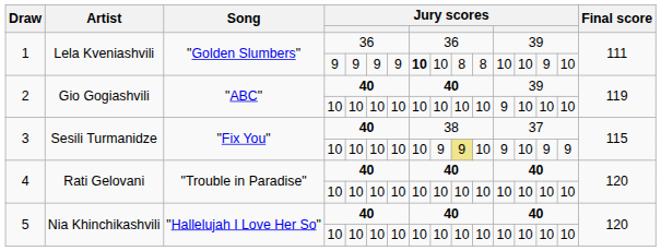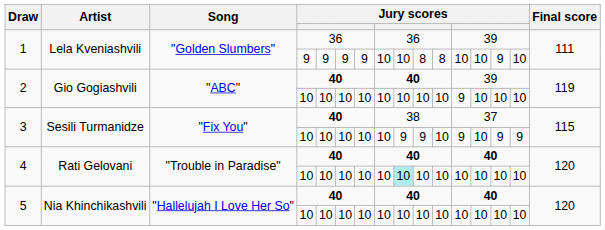 <table class="sortable wikitable" style="text-align:center;margin:1em auto 1em auto">
 <tr>
 <th scope="col" rowspan="2">Draw</th>
 <th scope="col" rowspan="2">Artist</th>
 <th scope="col" rowspan="2">Song</th>
 <th scope="col" colspan="12">Jury scores</th>
 <th scope="col" rowspan="2">Final score</th>
 </tr>
 <tr>
 <th scope="col" colspan="4" class="unsortable"><small></small></th>
 <th scope="col" colspan="4" class="unsortable"><small></small></th>
 <th scope="col" colspan="4" class="unsortable"><small></small></th>
 </tr>
 <tr>
 <td rowspan="2">1</td>
 <td rowspan="2">Lela Kveniashvili</td>
 <td rowspan="2">"<a href='#'>Golden Slumbers</a>"<br></td>
 <td colspan="4">36</td>
 <td colspan="4">36</td>
 <td colspan="4">39</td>
 <td rowspan="2">111</td>
 </tr>
 <tr>
 <td>9</td>
 <td>9</td>
 <td>9</td>
 <td>9</td>
-<td><strong>10</strong></td>
+<td>10</td>
 <td>10</td>
 <td>8</td>
 <td>8</td>
 <td>10</td>
 <td>10</td>
 <td>9</td>
 <td>10</td>
 </tr>
 <tr>
 <td rowspan="2">2</td>
 <td rowspan="2">Gio Gogiashvili</td>
 <td rowspan="2">"<a href='#'>ABC</a>"<br></td>
 <td colspan="4"><strong>40</strong></td>
 <td colspan="4"><strong>40</strong></td>
 <td colspan="4">39</td>
 <td rowspan="2">119</td>
 </tr>
 <tr>
 <td>10</td>
 <td>10</td>
 <td>10</td>
 <td>10</td>
 <td>10</td>
 <td>10</td>
 <td>10</td>
 <td>10</td>
 <td>9</td>
 <td>10</td>
 <td>10</td>
 <td>10</td>
 </tr>
 <tr>
 <td rowspan="2">3</td>
 <td rowspan="2">Sesili Turmanidze</td>
 <td rowspan="2">"<a href='#'>Fix You</a>"<br></td>
 <td colspan="4"><strong>40</strong></td>
 <td colspan="4">38</td>
 <td colspan="4">37</td>
 <td rowspan="2">115</td>
 </tr>
 <tr>
 <td>10</td>
 <td>10</td>
 <td>10</td>
 <td>10</td>
 <td>10</td>
 <td>9</td>
-<td style="background: khaki;">9</td>
+<td>9</td>
 <td>10</td>
 <td>9</td>
 <td>10</td>
 <td>9</td>
 <td>9</td>
 </tr>
 <tr>
 <td rowspan="2">4</td>
 <td rowspan="2">Rati Gelovani</td>
 <td rowspan="2">"Trouble in Paradise"<br></td>
 <td colspan="4"><strong>40</strong></td>
 <td colspan="4"><strong>40</strong></td>
 <td colspan="4"><strong>40</strong></td>
 <td rowspan="2">120</td>
 </tr>
 <tr>
 <td>10</td>
 <td>10</td>
 <td>10</td>
 <td>10</td>
 <td>10</td>
-<td>10</td>
+<td style="background: paleturquoise;">10</td>
 <td>10</td>
 <td>10</td>
 <td>10</td>
 <td>10</td>
 <td>10</td>
 <td>10</td>
 </tr>
 <tr>
 <td rowspan="2">5</td>
 <td rowspan="2">Nia Khinchikashvili</td>
 <td rowspan="2">"<a href='#'>Hallelujah I Love Her So</a>"<br></td>
 <td colspan="4"><strong>40</strong></td>
 <td colspan="4"><strong>40</strong></td>
 <td colspan="4"><strong>40</strong></td>
 <td rowspan="2">120</td>
 </tr>
 <tr>
 <td>10</td>
 <td>10</td>
 <td>10</td>
 <td>10</td>
 <td>10</td>
 <td>10</td>
 <td>10</td>
 <td>10</td>
 <td>10</td>
 <td>10</td>
 <td>10</td>
 <td>10</td>
 </tr>
 </table>
